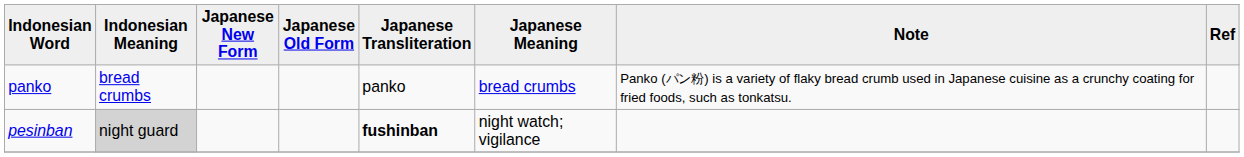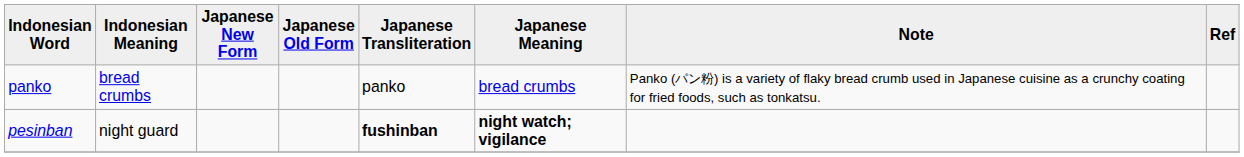 <table class="wikitable">
 <tr>
 <th style="background:#efefef;">Indonesian <br>Word</th>
 <th style="background:#efefef;">Indonesian <br>Meaning</th>
 <th style="background:#efefef;">Japanese <br><a href='#'>New Form</a></th>
 <th style="background:#efefef;">Japanese <br><a href='#'>Old Form</a></th>
 <th style="background:#efefef;">Japanese <br>Transliteration</th>
 <th style="background:#efefef;">Japanese <br>Meaning</th>
 <th style="background:#efefef;">Note</th>
 <th style="background:#efefef;">Ref</th>
 </tr>
 <tr>
 <td><a href='#'>panko</a></td>
 <td><a href='#'>bread crumbs</a></td>
 <td></td>
 <td></td>
 <td>panko</td>
 <td><a href='#'>bread crumbs</a></td>
 <td><small>Panko (パン粉) is a variety of flaky bread crumb used in Japanese cuisine as a crunchy coating for fried foods, such as tonkatsu.</small></td>
 <td></td>
 </tr>
 <tr>
 <td><em><a href='#'>pesinban</a></em></td>
-<td style="background: lightgrey;">night guard</td>
+<td>night guard</td>
 <td></td>
 <td></td>
 <td><strong>fushinban</strong></td>
-<td>night watch;  vigilance</td>
+<td><strong>night watch;  vigilance</strong></td>
 <td><small></small></td>
 <td></td>
 </tr>
 <tr>
 </tr>
 </table>
